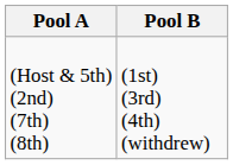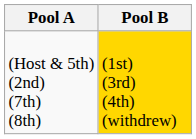 <table class="wikitable">
 <tr>
 <th width=50%>Pool A</th>
 <th width=50%>Pool B</th>
 </tr>
 <tr>
 <td><br> (Host & 5th)<br>  (2nd)<br>  (7th)<br>  (8th)</td>
-<td><br> (1st)<br>  (3rd)<br>  (4th)<br> <em></em> (withdrew)</td>
+<td style="background: gold;"><br> (1st)<br>  (3rd)<br>  (4th)<br> <em></em> (withdrew)</td>
 </tr>
 </table>
